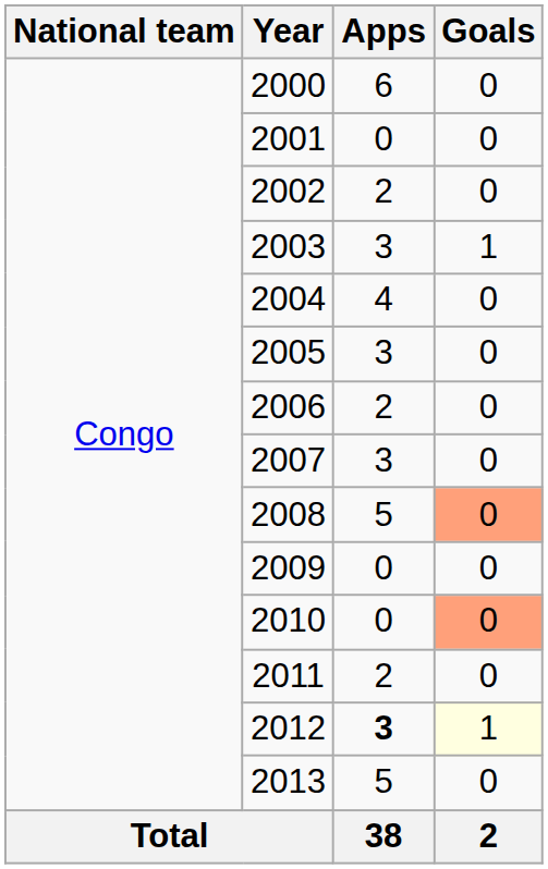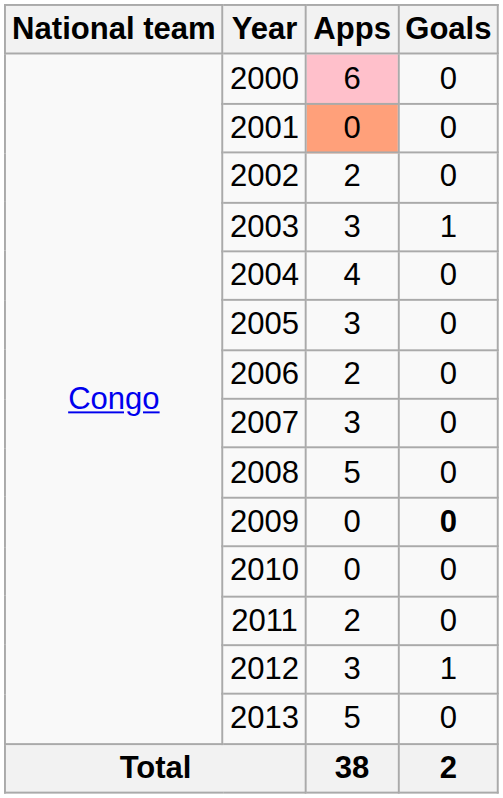 <table class="wikitable" style="text-align:center">
 <tr>
 <th>National team</th>
 <th>Year</th>
 <th>Apps</th>
 <th>Goals</th>
 </tr>
 <tr>
 <td rowspan="14"><a href='#'>Congo</a></td>
 <td>2000</td>
-<td>6</td>
+<td style="background: pink;">6</td>
 <td>0</td>
 </tr>
 <tr>
 <td>2001</td>
-<td>0</td>
+<td style="background: lightsalmon;">0</td>
 <td>0</td>
 </tr>
 <tr>
 <td>2002</td>
 <td>2</td>
 <td>0</td>
 </tr>
 <tr>
 <td>2003</td>
 <td>3</td>
 <td>1</td>
 </tr>
 <tr>
 <td>2004</td>
 <td>4</td>
 <td>0</td>
 </tr>
 <tr>
 <td>2005</td>
 <td>3</td>
 <td>0</td>
 </tr>
 <tr>
 <td>2006</td>
 <td>2</td>
 <td>0</td>
 </tr>
 <tr>
 <td>2007</td>
 <td>3</td>
 <td>0</td>
 </tr>
 <tr>
 <td>2008</td>
 <td>5</td>
-<td style="background: lightsalmon;">0</td>
+<td>0</td>
 </tr>
 <tr>
 <td>2009</td>
 <td>0</td>
-<td>0</td>
+<td><strong>0</strong></td>
 </tr>
 <tr>
 <td>2010</td>
 <td>0</td>
-<td style="background: lightsalmon;">0</td>
+<td>0</td>
 </tr>
 <tr>
 <td>2011</td>
 <td>2</td>
 <td>0</td>
 </tr>
 <tr>
 <td>2012</td>
-<td><strong>3</strong></td>
-<td style="background: lightyellow;">1</td>
+<td>3</td>
+<td>1</td>
 </tr>
 <tr>
 <td>2013</td>
 <td>5</td>
 <td>0</td>
 </tr>
 <tr>
 <th colspan="2">Total</th>
 <th>38</th>
 <th>2</th>
 </tr>
 </table>
